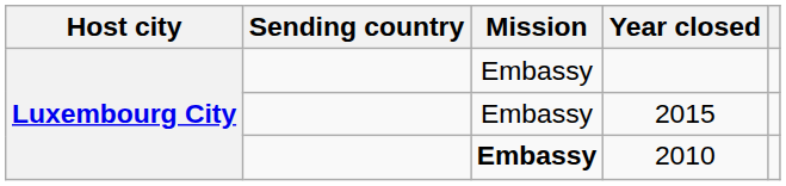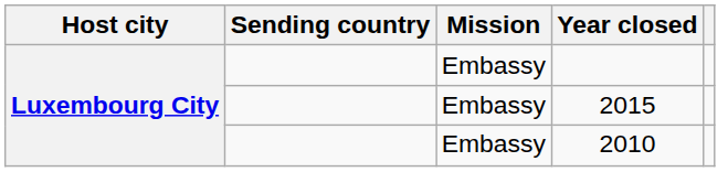 <table class="wikitable plainrowheaders">
 <tr>
 <th scope="col">Host city</th>
 <th scope="col">Sending country</th>
 <th scope="col">Mission</th>
 <th scope="col">Year closed</th>
 <th scope="col"></th>
 </tr>
 <tr>
 <th rowspan="3"><a href='#'>Luxembourg City</a></th>
 <td></td>
 <td style="text-align:center;">Embassy</td>
 <td style="text-align:center;"></td>
 <td style="text-align:center;"></td>
 </tr>
 <tr>
 <td></td>
 <td style="text-align:center;">Embassy</td>
 <td style="text-align:center;">2015</td>
 <td style="text-align:center;"></td>
 </tr>
 <tr>
 <td></td>
-<td style="text-align:center;"><strong>Embassy</strong></td>
+<td style="text-align:center;">Embassy</td>
 <td style="text-align:center;">2010</td>
 <td style="text-align:center;"></td>
 </tr>
 </table>
